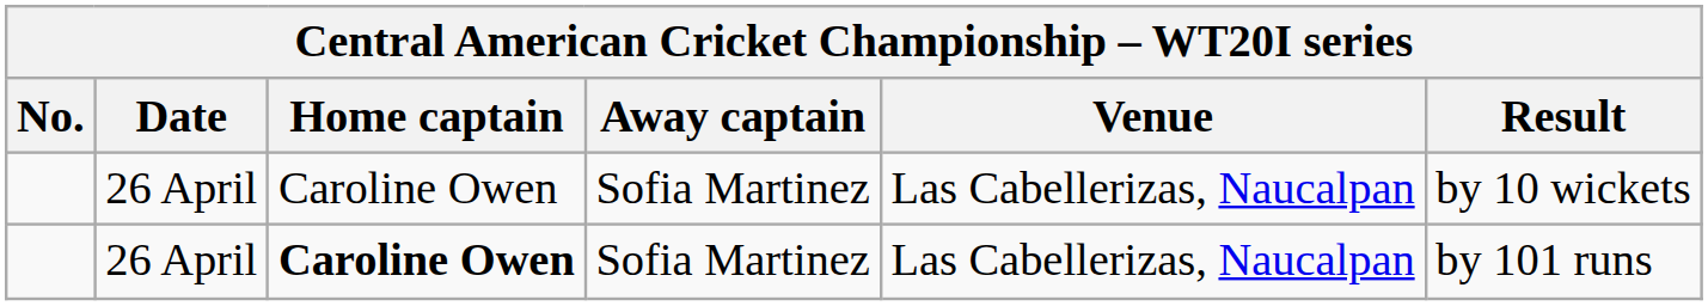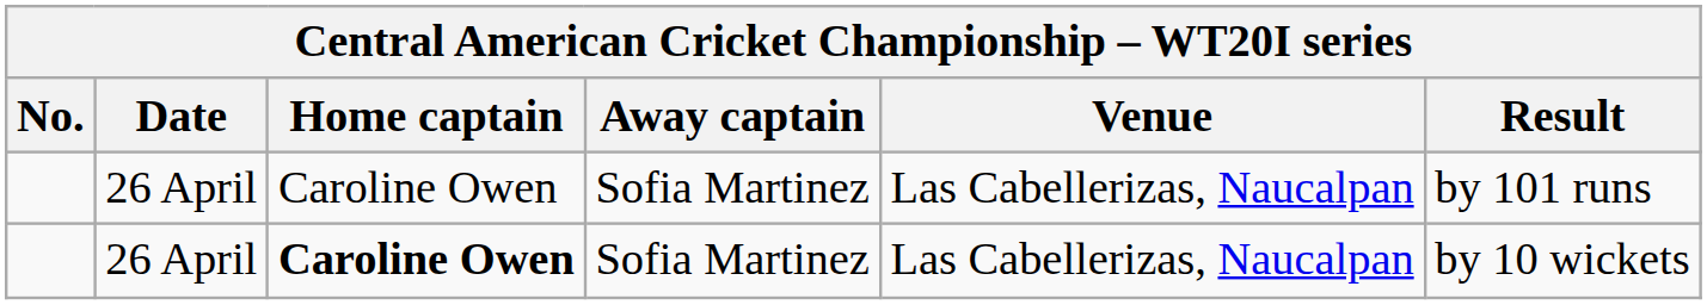 <table class="wikitable">
 <tr>
 <th colspan="8">Central American Cricket Championship – WT20I series</th>
 </tr>
 <tr>
 <th>No.</th>
 <th>Date</th>
 <th>Home captain</th>
 <th>Away captain</th>
 <th>Venue</th>
 <th>Result</th>
 </tr>
 <tr>
 <td></td>
 <td>26 April</td>
 <td>Caroline Owen</td>
 <td>Sofia Martinez</td>
 <td>Las Cabellerizas, <a href='#'>Naucalpan</a></td>
-<td> by 10 wickets</td>
+<td> by 101 runs</td>
 </tr>
 <tr>
 <td></td>
 <td>26 April</td>
 <td><strong>Caroline Owen</strong></td>
 <td>Sofia Martinez</td>
 <td>Las Cabellerizas, <a href='#'>Naucalpan</a></td>
-<td> by 101 runs</td>
+<td> by 10 wickets</td>
 </tr>
 </table>
